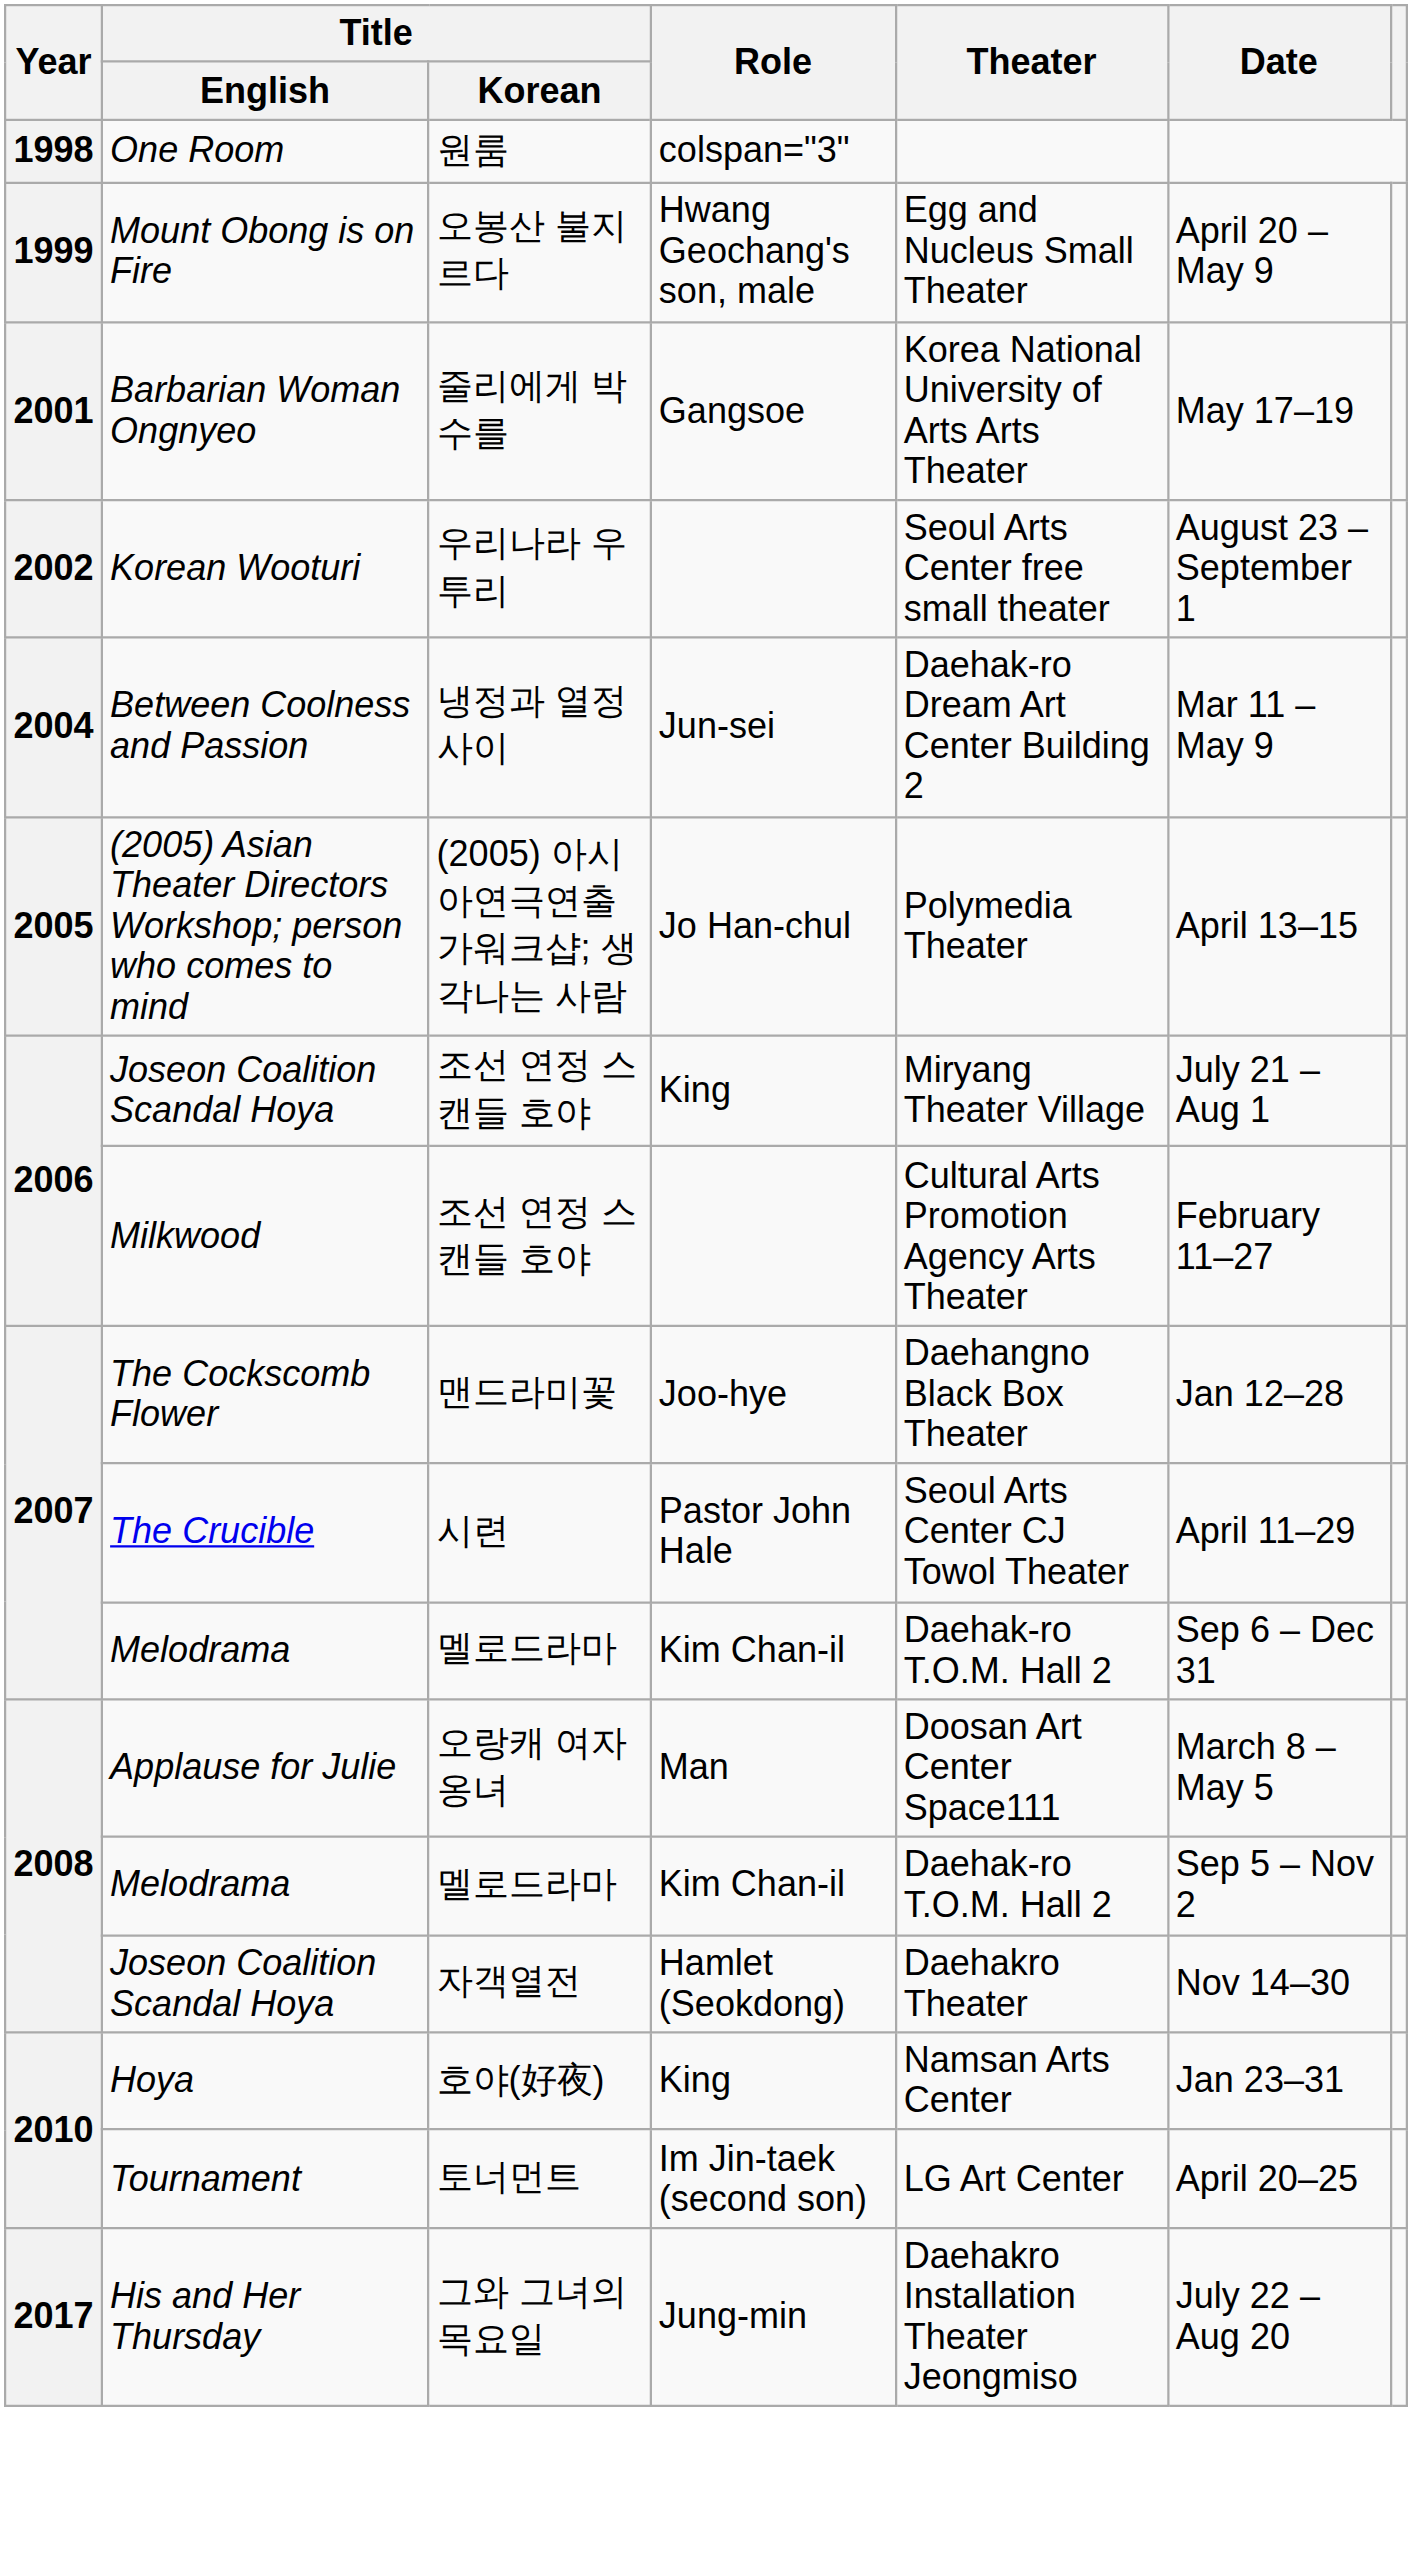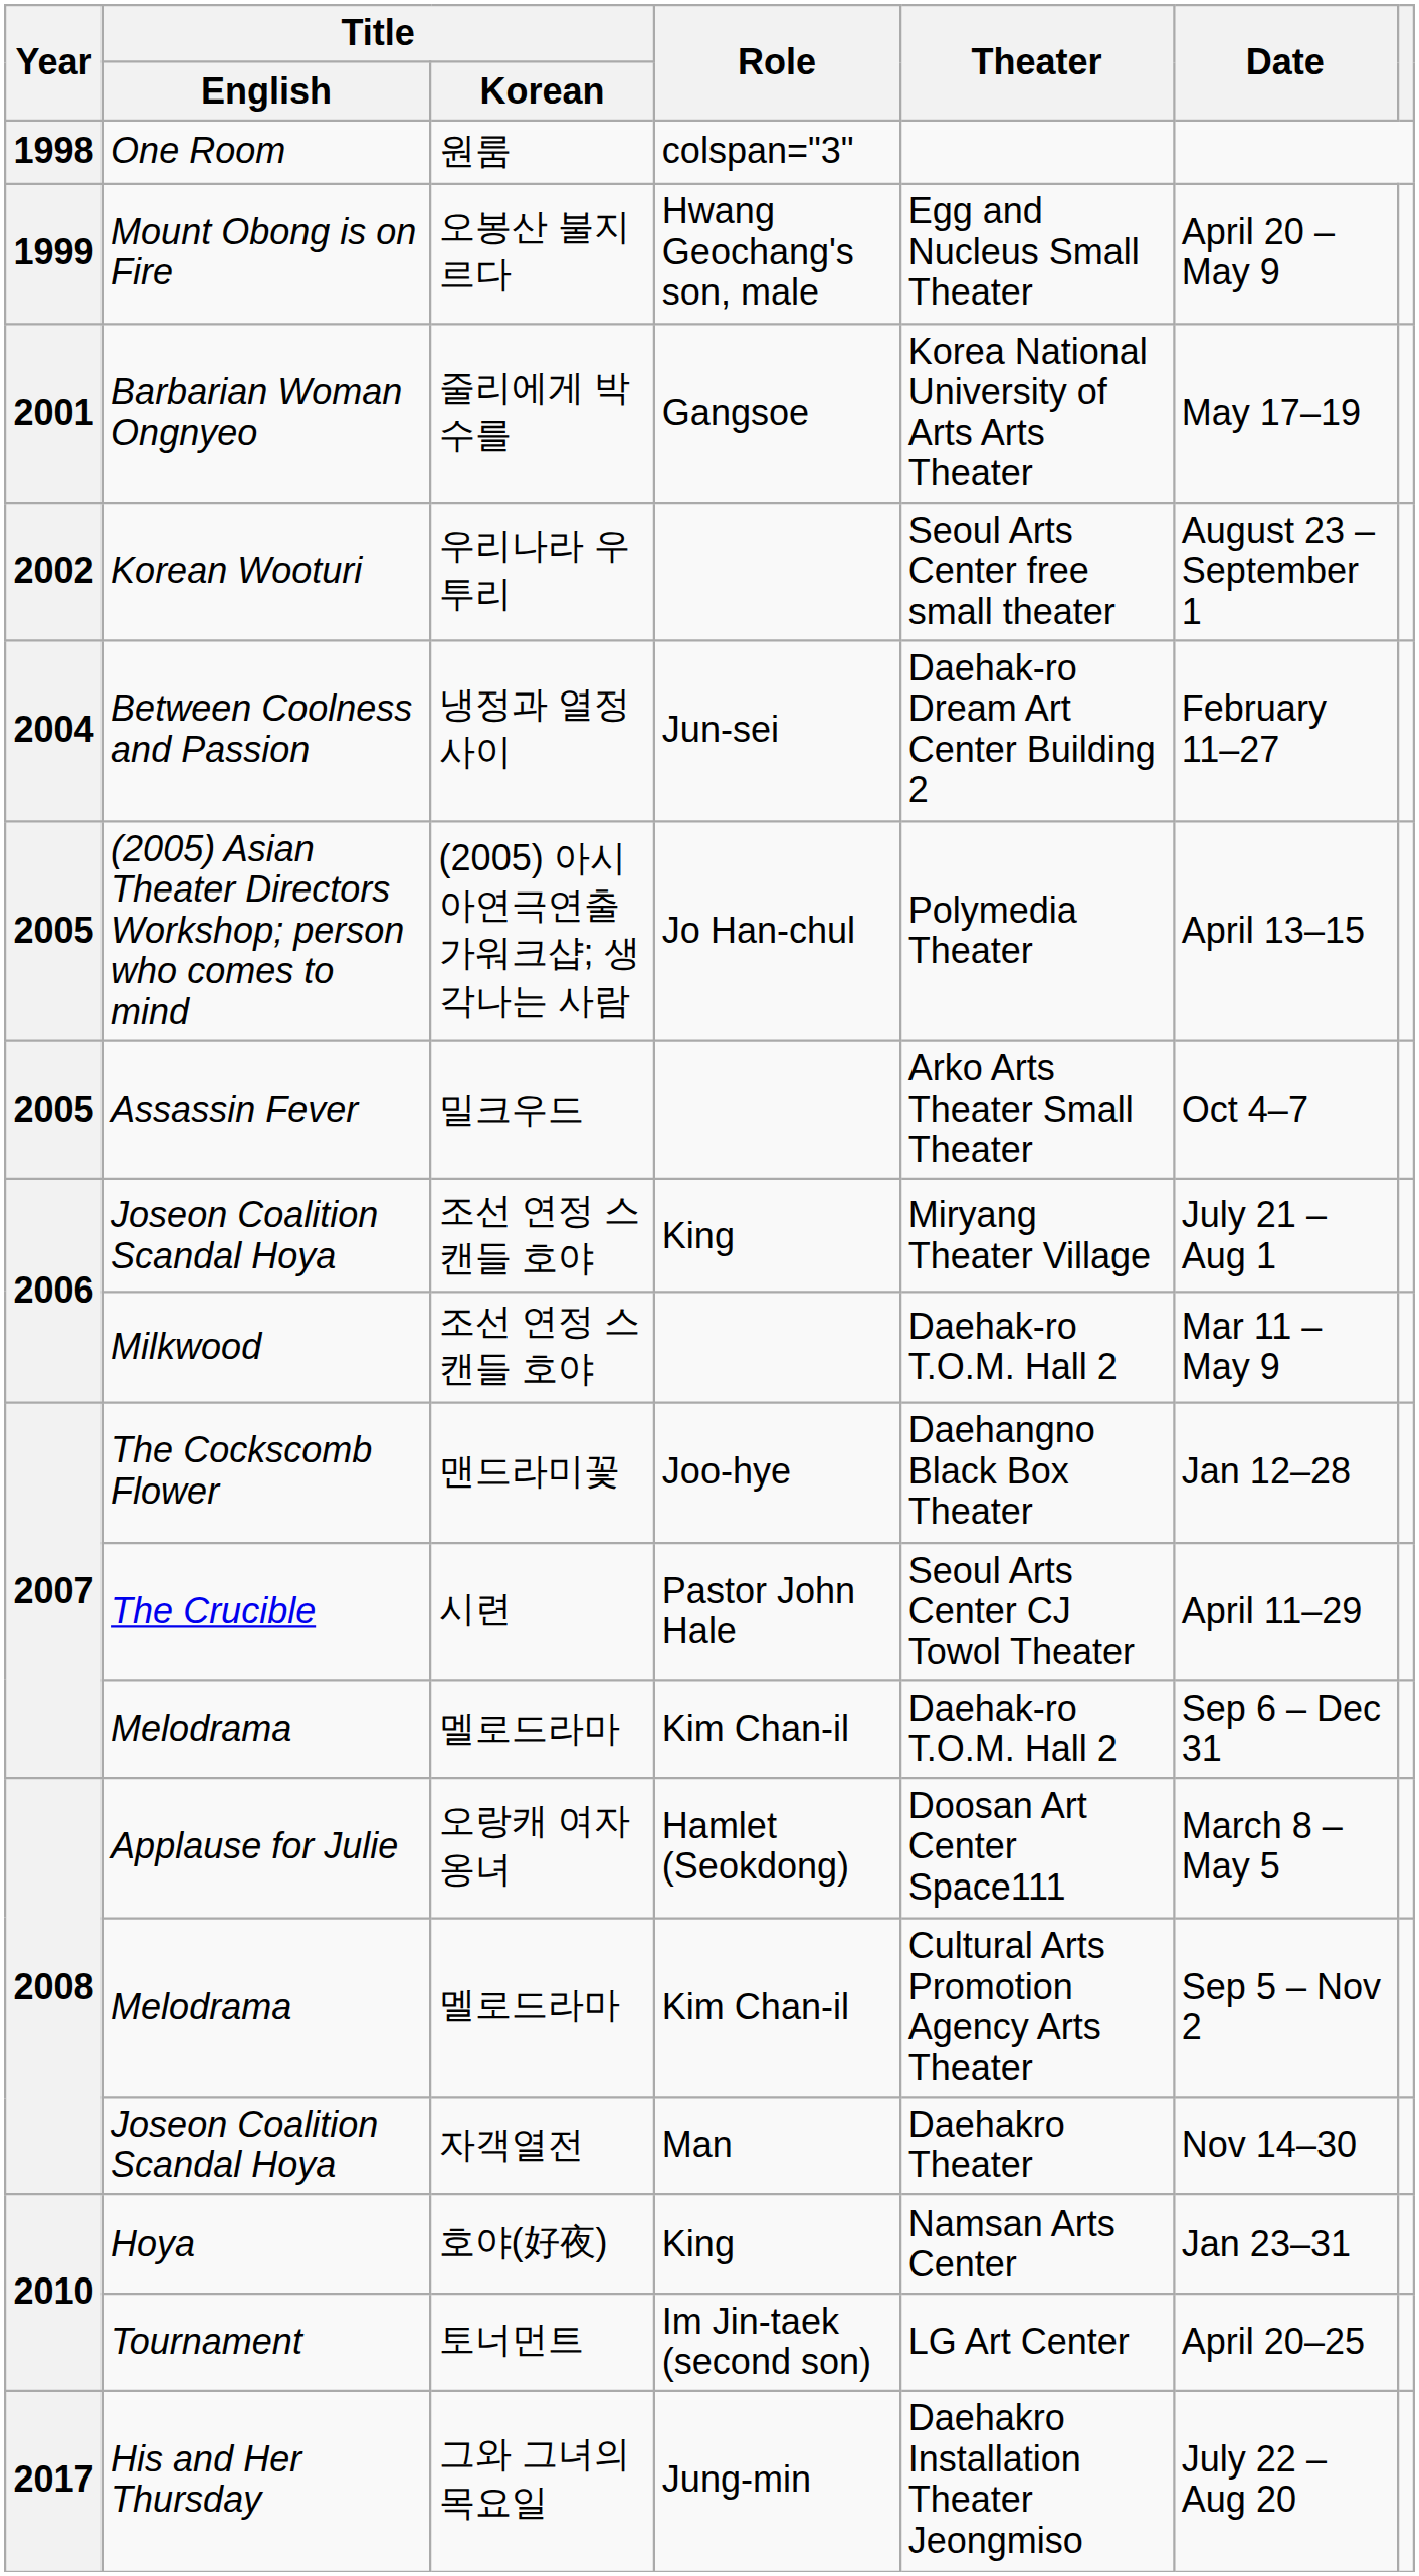 <table class="wikitable plainrowheaders sortable" style="text-align:left; font-size:100%; padding:0 auto; width:100%; margin:auto">
 <tr>
 <th rowspan="2" scope="col">Year</th>
 <th colspan="2" scope="col">Title</th>
 <th rowspan="2" scope="col">Role</th>
 <th rowspan="2" scope="col">Theater</th>
 <th rowspan="2" scope="col">Date</th>
 <th scope="col" rowspan="2" class="unsortable"></th>
 </tr>
 <tr>
 <th>English</th>
 <th>Korean</th>
 </tr>
 <tr>
 <th scope="row">1998</th>
 <td><em>One Room</em></td>
 <td>원룸</td>
 <td>colspan="3" </td>
 <td style="text-align:center"></td>
 </tr>
 <tr>
 <th scope="row">1999</th>
 <td><em>Mount Obong is on Fire</em></td>
 <td>오봉산 불지르다</td>
 <td>Hwang Geochang's son, male</td>
 <td>Egg and Nucleus Small Theater</td>
 <td>April 20 – May 9</td>
 <td style="text-align:center"></td>
 </tr>
 <tr>
 <th scope="row">2001</th>
 <td><em>Barbarian Woman Ongnyeo</em></td>
 <td>줄리에게 박수를</td>
 <td>Gangsoe</td>
 <td>Korea National University of Arts Arts Theater</td>
 <td>May 17–19</td>
 <td style="text-align:center"></td>
 </tr>
 <tr>
 <th scope="row">2002</th>
 <td><em>Korean Wooturi</em></td>
 <td>우리나라 우투리</td>
 <td></td>
 <td>Seoul Arts Center free small theater</td>
 <td>August 23 – September 1</td>
 <td style="text-align:center"></td>
 </tr>
 <tr>
 <th scope="row">2004</th>
 <td><em>Between Coolness and Passion</em></td>
 <td>냉정과 열정사이</td>
 <td>Jun-sei</td>
 <td>Daehak-ro Dream Art Center Building 2</td>
-<td>Mar 11 – May 9</td>
+<td>February 11–27</td>
 <td style="text-align:center"></td>
 </tr>
 <tr>
 <th scope="row">2005</th>
 <td><em>(2005) Asian Theater Directors Workshop; person who comes to mind</em></td>
 <td>(2005) 아시아연극연출가워크샵; 생각나는 사람</td>
 <td>Jo Han-chul</td>
 <td>Polymedia Theater</td>
 <td>April 13–15</td>
+<td style="text-align:center"></td>
+</tr>
+<tr>
+<th scope="row">2005</th>
+<td><em>Assassin Fever</em></td>
+<td>밀크우드</td>
+<td></td>
+<td>Arko Arts Theater Small Theater</td>
+<td>Oct 4–7</td>
 <td style="text-align:center"></td>
 </tr>
 <tr>
 <th scope="row"  rowspan="2">2006</th>
 <td><em>Joseon Coalition Scandal Hoya</em></td>
 <td>조선 연정 스캔들 호야</td>
 <td>King</td>
 <td>Miryang Theater Village</td>
 <td>July 21 – Aug 1</td>
 <td style="text-align:center"></td>
 </tr>
 <tr>
 <td><em>Milkwood</em></td>
 <td>조선 연정 스캔들 호야</td>
 <td></td>
-<td>Cultural Arts Promotion Agency Arts Theater</td>
-<td>February 11–27</td>
+<td>Daehak-ro T.O.M. Hall 2</td>
+<td>Mar 11 – May 9</td>
 <td style="text-align:center"></td>
 </tr>
 <tr>
 <th scope="row"  rowspan="3">2007</th>
 <td><em>The Cockscomb Flower</em></td>
 <td>맨드라미꽃</td>
 <td>Joo-hye</td>
 <td>Daehangno Black Box Theater</td>
 <td>Jan 12–28</td>
 <td style="text-align:center"></td>
 </tr>
 <tr>
 <td><em><a href='#'>The Crucible</a></em></td>
 <td>시련</td>
 <td>Pastor John Hale</td>
 <td>Seoul Arts Center CJ Towol Theater</td>
 <td>April 11–29</td>
 <td style="text-align:center"></td>
 </tr>
 <tr>
 <td><em>Melodrama</em></td>
 <td>멜로드라마</td>
 <td>Kim Chan-il</td>
 <td>Daehak-ro T.O.M. Hall 2</td>
 <td>Sep 6 – Dec 31</td>
 <td style="text-align:center"></td>
 </tr>
 <tr>
 <th scope="row"  rowspan="3">2008</th>
 <td><em>Applause for Julie</em></td>
 <td>오랑캐 여자 옹녀</td>
-<td>Man</td>
+<td>Hamlet (Seokdong)</td>
 <td>Doosan Art Center Space111</td>
 <td>March 8 – May 5</td>
 <td style="text-align:center"></td>
 </tr>
 <tr>
 <td><em>Melodrama</em></td>
 <td>멜로드라마</td>
 <td>Kim Chan-il</td>
-<td>Daehak-ro T.O.M. Hall 2</td>
+<td>Cultural Arts Promotion Agency Arts Theater</td>
 <td>Sep 5 – Nov 2</td>
 <td style="text-align:center"></td>
 </tr>
 <tr>
 <td><em>Joseon Coalition Scandal Hoya</em></td>
 <td>자객열전</td>
-<td>Hamlet (Seokdong)</td>
+<td>Man</td>
 <td>Daehakro Theater</td>
 <td>Nov 14–30</td>
 <td style="text-align:center"></td>
 </tr>
 <tr>
 <th scope="row" rowspan="2">2010</th>
 <td><em>Hoya</em></td>
 <td>호야(好夜)</td>
 <td>King</td>
 <td>Namsan Arts Center</td>
 <td>Jan 23–31</td>
 <td style="text-align:center"></td>
 </tr>
 <tr>
 <td><em>Tournament</em></td>
 <td>토너먼트</td>
 <td>Im Jin-taek (second son)</td>
 <td>LG Art Center</td>
 <td>April 20–25</td>
 <td style="text-align:center"></td>
 </tr>
 <tr>
 <th scope="row">2017</th>
 <td><em>His and Her Thursday</em></td>
 <td>그와 그녀의 목요일</td>
 <td>Jung-min</td>
 <td>Daehakro Installation Theater Jeongmiso</td>
 <td>July 22 – Aug 20</td>
 <td style="text-align:center"></td>
 </tr>
 </table>
